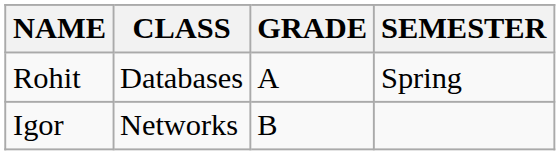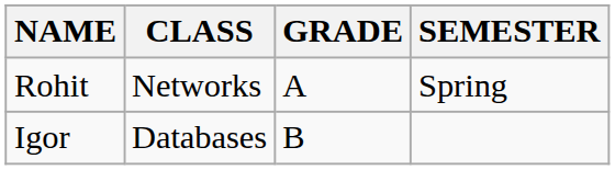 <table class="wikitable" style="margin-left: auto; margin-right: auto; border: none;">
 <tr>
 <th>NAME</th>
 <th>CLASS</th>
 <th>GRADE</th>
 <th>SEMESTER</th>
 </tr>
 <tr>
 <td>Rohit</td>
-<td>Databases</td>
+<td>Networks</td>
 <td>A</td>
 <td>Spring</td>
 </tr>
 <tr>
 <td>Igor</td>
-<td>Networks</td>
+<td>Databases</td>
 <td>B</td>
 <td></td>
 </tr>
 <tr>
 </tr>
 </table>
